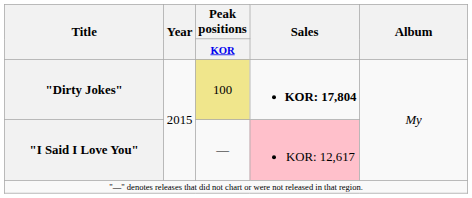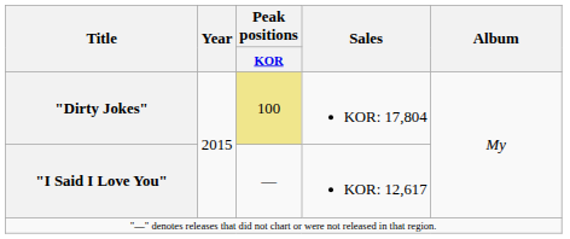 <table class="wikitable plainrowheaders" style="text-align:center;">
 <tr>
 <th scope="col" rowspan="2" style="width:12em;">Title</th>
 <th scope="col" rowspan="2">Year</th>
 <th scope="col">Peak positions</th>
 <th scope="col" rowspan="2">Sales</th>
 <th scope="col" rowspan="2" style="width:8em;">Album</th>
 </tr>
 <tr>
 <th width="40"><small><a href='#'>KOR</a></small><br></th>
 </tr>
 <tr>
 <th scope="row">"Dirty Jokes"</th>
 <td rowspan="2">2015</td>
 <td align="center" style="background: khaki;">100</td>
-<td><strong><br><ul><li>KOR: 17,804</li></ul></strong></td>
+<td><br><ul><li>KOR: 17,804</li></ul></td>
 <td rowspan="2"><em>My</em></td>
 </tr>
 <tr>
 <th scope="row">"I Said I Love You"</th>
 <td align="center">—</td>
-<td style="background: pink;"><br><ul><li>KOR: 12,617</li></ul></td>
+<td><br><ul><li>KOR: 12,617</li></ul></td>
 </tr>
 <tr>
 <td colspan="5" style="text-align:center; font-size:8pt;">"—" denotes releases that did not chart or were not released in that region.</td>
 </tr>
 </table>
